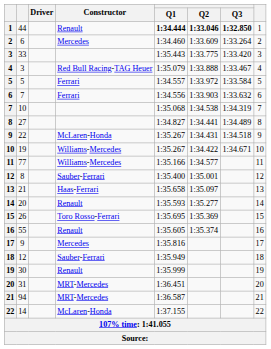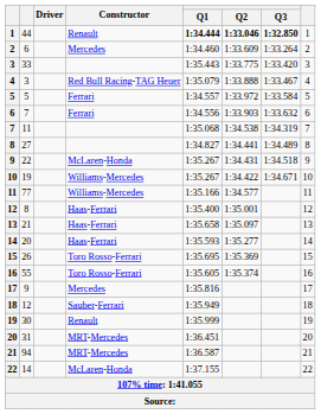 <table class="wikitable sortable" style="font-size: 85%;">
 <tr>
 <th rowspan="2"></th>
 <th rowspan="2"></th>
 <th rowspan="2">Driver</th>
 <th rowspan="2">Constructor</th>
 <th colspan="3"></th>
 <th rowspan="2"></th>
 </tr>
 <tr>
 <th>Q1</th>
 <th>Q2</th>
 <th>Q3</th>
 </tr>
 <tr>
 <th>1</th>
 <td align="center">44</td>
 <td></td>
 <td><a href='#'>Renault</a></td>
 <td><strong>1:34.444</strong></td>
 <td><strong>1:33.046</strong></td>
 <td><strong>1:32.850</strong></td>
 <td align="center">1</td>
 </tr>
 <tr>
 <th>2</th>
 <td align="center">6</td>
 <td></td>
 <td><a href='#'>Mercedes</a></td>
 <td>1:34.460</td>
 <td>1:33.609</td>
 <td>1:33.264</td>
 <td align="center">2</td>
 </tr>
 <tr>
 <th>3</th>
 <td align="center">33</td>
 <td></td>
 <td></td>
 <td>1:35.443</td>
 <td>1:33.775</td>
 <td>1:33.420</td>
 <td align="center">3</td>
 </tr>
 <tr>
 <th>4</th>
 <td align="center">3</td>
 <td></td>
 <td><a href='#'>Red Bull Racing</a>-<a href='#'>TAG Heuer</a></td>
 <td>1:35.079</td>
 <td>1:33.888</td>
 <td>1:33.467</td>
 <td align="center">4</td>
 </tr>
 <tr>
 <th>5</th>
 <td align="center">5</td>
 <td></td>
 <td><a href='#'>Ferrari</a></td>
 <td>1:34.557</td>
 <td>1:33.972</td>
 <td>1:33.584</td>
 <td align="center">5</td>
 </tr>
 <tr>
 <th>6</th>
 <td align="center">7</td>
 <td></td>
 <td><a href='#'>Ferrari</a></td>
 <td>1:34.556</td>
 <td>1:33.903</td>
 <td>1:33.632</td>
 <td align="center">6</td>
 </tr>
 <tr>
 <th>7</th>
-<td align="center">10</td>
+<td align="center">11</td>
 <td></td>
 <td></td>
 <td>1:35.068</td>
 <td>1:34.538</td>
 <td>1:34.319</td>
 <td align="center">7</td>
 </tr>
 <tr>
 <th>8</th>
 <td align="center">27</td>
 <td></td>
 <td></td>
 <td>1:34.827</td>
 <td>1:34.441</td>
 <td>1:34.489</td>
 <td align="center">8</td>
 </tr>
 <tr>
 <th>9</th>
 <td align="center">22</td>
 <td></td>
 <td><a href='#'>McLaren</a>-<a href='#'>Honda</a></td>
 <td>1:35.267</td>
 <td>1:34.431</td>
 <td>1:34.518</td>
 <td align="center">9</td>
 </tr>
 <tr>
 <th>10</th>
 <td align="center">19</td>
 <td></td>
 <td><a href='#'>Williams</a>-<a href='#'>Mercedes</a></td>
 <td>1:35.267</td>
 <td>1:34.422</td>
 <td>1:34.671</td>
 <td align="center">10</td>
 </tr>
 <tr>
 <th>11</th>
 <td align="center">77</td>
 <td></td>
 <td><a href='#'>Williams</a>-<a href='#'>Mercedes</a></td>
 <td>1:35.166</td>
 <td>1:34.577</td>
 <td></td>
 <td align="center">11</td>
 </tr>
 <tr>
 <th>12</th>
 <td align="center">8</td>
 <td></td>
-<td><a href='#'>Sauber</a>-<a href='#'>Ferrari</a></td>
+<td><a href='#'>Haas</a>-<a href='#'>Ferrari</a></td>
 <td>1:35.400</td>
 <td>1:35.001</td>
 <td></td>
 <td align="center">12</td>
 </tr>
 <tr>
 <th>13</th>
 <td align="center">21</td>
 <td></td>
 <td><a href='#'>Haas</a>-<a href='#'>Ferrari</a></td>
 <td>1:35.658</td>
 <td>1:35.097</td>
 <td></td>
 <td align="center">13</td>
 </tr>
 <tr>
 <th>14</th>
 <td align="center">20</td>
 <td></td>
-<td><a href='#'>Renault</a></td>
+<td><a href='#'>Haas</a>-<a href='#'>Ferrari</a></td>
 <td>1:35.593</td>
 <td>1:35.277</td>
 <td></td>
 <td align="center">14</td>
 </tr>
 <tr>
 <th>15</th>
 <td align="center">26</td>
 <td></td>
 <td><a href='#'>Toro Rosso</a>-<a href='#'>Ferrari</a></td>
 <td>1:35.695</td>
 <td>1:35.369</td>
 <td></td>
 <td align="center">15</td>
 </tr>
 <tr>
 <th>16</th>
 <td align="center">55</td>
 <td></td>
-<td><a href='#'>Renault</a></td>
+<td><a href='#'>Toro Rosso</a>-<a href='#'>Ferrari</a></td>
 <td>1:35.605</td>
 <td>1:35.374</td>
 <td></td>
 <td align="center">16</td>
 </tr>
 <tr>
 <th>17</th>
 <td align="center">9</td>
 <td></td>
 <td><a href='#'>Mercedes</a></td>
 <td>1:35.816</td>
 <td></td>
 <td></td>
 <td align="center">17</td>
 </tr>
 <tr>
 <th>18</th>
 <td align="center">12</td>
 <td></td>
 <td><a href='#'>Sauber</a>-<a href='#'>Ferrari</a></td>
 <td>1:35.949</td>
 <td></td>
 <td></td>
 <td align="center">18</td>
 </tr>
 <tr>
 <th>19</th>
 <td align="center">30</td>
 <td></td>
 <td><a href='#'>Renault</a></td>
 <td>1:35.999</td>
 <td></td>
 <td></td>
 <td align="center">19</td>
 </tr>
 <tr>
 <th>20</th>
 <td align="center">31</td>
 <td></td>
 <td><a href='#'>MRT</a>-<a href='#'>Mercedes</a></td>
 <td>1:36.451</td>
 <td></td>
 <td></td>
 <td align="center">20</td>
 </tr>
 <tr>
 <th>21</th>
 <td align="center">94</td>
 <td></td>
 <td><a href='#'>MRT</a>-<a href='#'>Mercedes</a></td>
 <td>1:36.587</td>
 <td></td>
 <td></td>
 <td align="center">21</td>
 </tr>
 <tr>
 <th>22</th>
 <td align="center">14</td>
 <td></td>
 <td><a href='#'>McLaren</a>-<a href='#'>Honda</a></td>
 <td>1:37.155</td>
 <td></td>
 <td></td>
 <td align="center">22</td>
 </tr>
 <tr>
 <th colspan="8"><a href='#'>107% time</a>: 1:41.055</th>
 </tr>
 <tr>
 <th colspan=8>Source:</th>
 </tr>
 </table>
